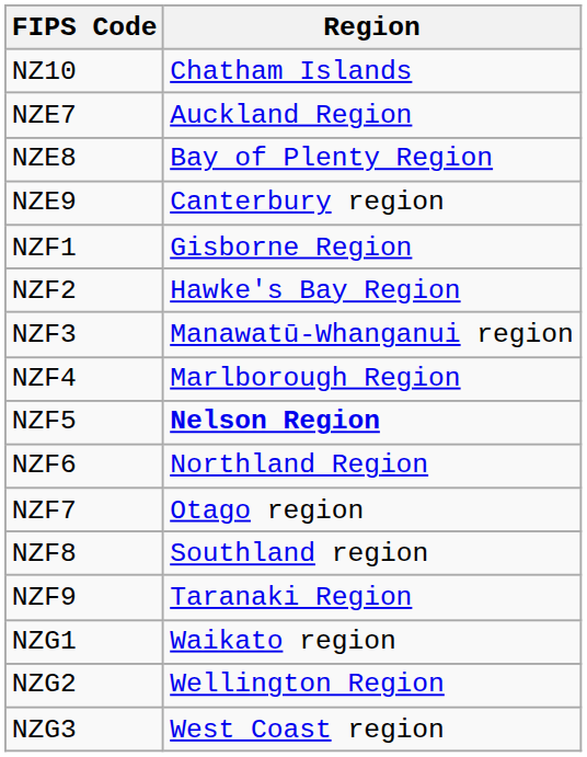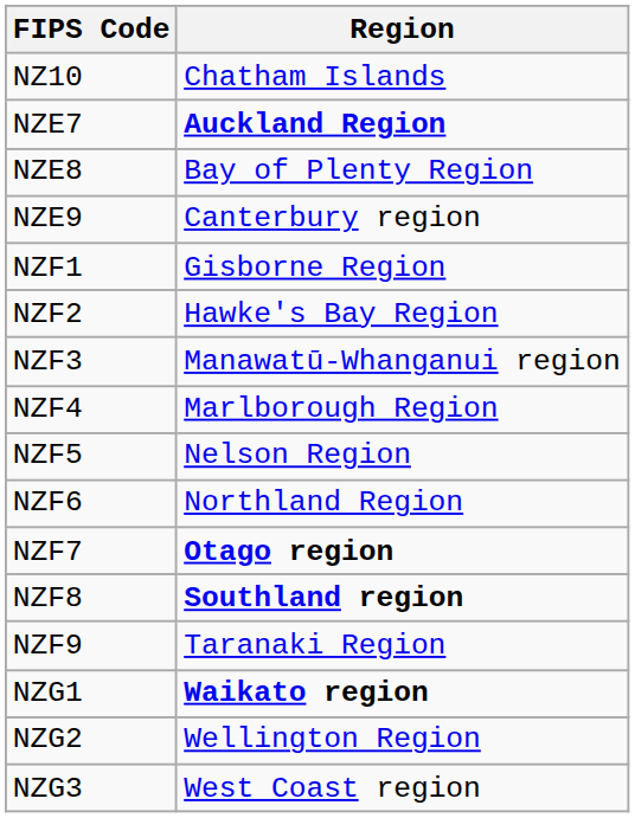 <table class="wikitable">
 <tr>
 <th>FIPS Code</th>
 <th>Region</th>
 </tr>
 <tr>
 <td>NZ10</td>
 <td><a href='#'>Chatham Islands</a></td>
 </tr>
 <tr>
 <td>NZE7</td>
-<td><a href='#'>Auckland Region</a></td>
+<td><strong><a href='#'>Auckland Region</a></strong></td>
 </tr>
 <tr>
 <td>NZE8</td>
 <td><a href='#'>Bay of Plenty Region</a></td>
 </tr>
 <tr>
 <td>NZE9</td>
 <td><a href='#'>Canterbury</a> region</td>
 </tr>
 <tr>
 <td>NZF1</td>
 <td><a href='#'>Gisborne Region</a></td>
 </tr>
 <tr>
 <td>NZF2</td>
 <td><a href='#'>Hawke's Bay Region</a></td>
 </tr>
 <tr>
 <td>NZF3</td>
 <td><a href='#'>Manawatū-Whanganui</a> region</td>
 </tr>
 <tr>
 <td>NZF4</td>
 <td><a href='#'>Marlborough Region</a></td>
 </tr>
 <tr>
 <td>NZF5</td>
-<td><strong><a href='#'>Nelson Region</a></strong></td>
+<td><a href='#'>Nelson Region</a></td>
 </tr>
 <tr>
 <td>NZF6</td>
 <td><a href='#'>Northland Region</a></td>
 </tr>
 <tr>
 <td>NZF7</td>
-<td><a href='#'>Otago</a> region</td>
+<td><strong><a href='#'>Otago</a> region</strong></td>
 </tr>
 <tr>
 <td>NZF8</td>
-<td><a href='#'>Southland</a> region</td>
+<td><strong><a href='#'>Southland</a> region</strong></td>
 </tr>
 <tr>
 <td>NZF9</td>
 <td><a href='#'>Taranaki Region</a></td>
 </tr>
 <tr>
 <td>NZG1</td>
-<td><a href='#'>Waikato</a> region</td>
+<td><strong><a href='#'>Waikato</a> region</strong></td>
 </tr>
 <tr>
 <td>NZG2</td>
 <td><a href='#'>Wellington Region</a></td>
 </tr>
 <tr>
 <td>NZG3</td>
 <td><a href='#'>West Coast</a> region</td>
 </tr>
 </table>
